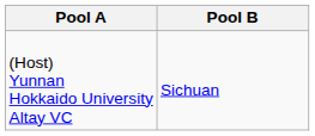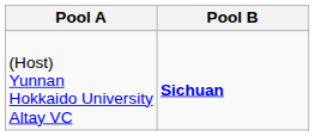 <table class="wikitable">
 <tr>
 <th width=50%>Pool A</th>
 <th width=50%>Pool B</th>
 </tr>
 <tr>
 <td><br> (Host) <br>  <a href='#'>Yunnan</a> <br>  <a href='#'>Hokkaido University</a> <br>  <a href='#'>Altay VC</a></td>
-<td><br> <br>  <a href='#'>Sichuan</a> <br>  <br> </td>
+<td><strong><br> <br>  <a href='#'>Sichuan</a> <br>  <br> </strong></td>
 </tr>
 </table>
